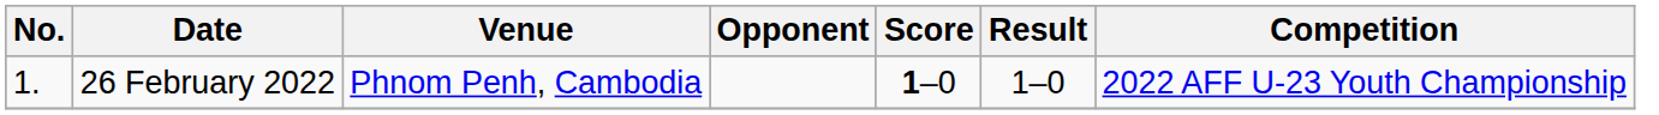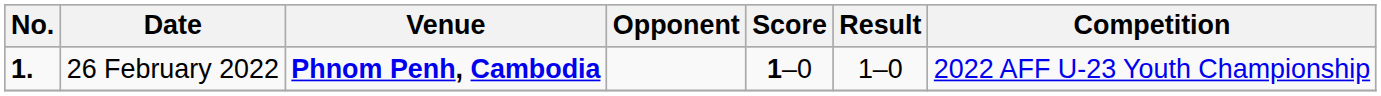 <table class="wikitable">
 <tr>
 <th>No.</th>
 <th>Date</th>
 <th>Venue</th>
 <th>Opponent</th>
 <th>Score</th>
 <th>Result</th>
 <th>Competition</th>
 </tr>
 <tr>
-<td>1.</td>
+<td><strong>1.</strong></td>
 <td>26 February 2022</td>
-<td><a href='#'>Phnom Penh</a>, <a href='#'>Cambodia</a></td>
+<td><strong><a href='#'>Phnom Penh</a>, <a href='#'>Cambodia</a></strong></td>
 <td></td>
 <td align=center><strong>1</strong>–0</td>
 <td align=center>1–0</td>
 <td><a href='#'>2022 AFF U-23 Youth Championship</a></td>
 </tr>
 <tr>
 </tr>
 </table>
